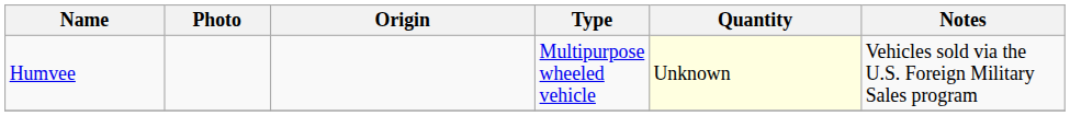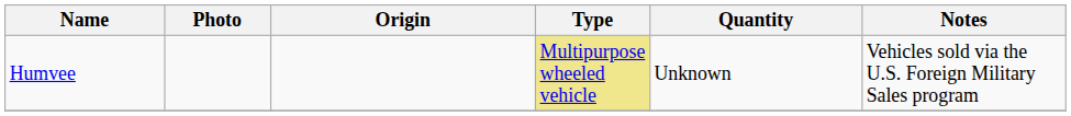 <table class=wikitable border="0" width="55%">
 <tr>
 <th width="15%">Name</th>
 <th width="10%">Photo</th>
 <th width="25%">Origin</th>
 <th width="10%">Type</th>
 <th width="20%">Quantity</th>
 <th>Notes</th>
 </tr>
 <tr>
 <td><a href='#'>Humvee</a></td>
 <td></td>
 <td></td>
-<td><a href='#'>Multipurpose wheeled vehicle</a></td>
-<td style="background: lightyellow;">Unknown</td>
+<td style="background: khaki;"><a href='#'>Multipurpose wheeled vehicle</a></td>
+<td>Unknown</td>
 <td>Vehicles sold via the U.S. Foreign Military Sales program</td>
 </tr>
 <tr>
 </tr>
 </table>
